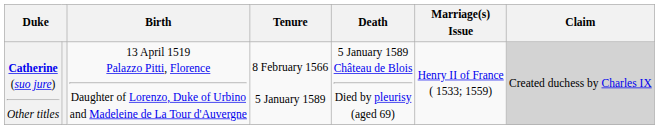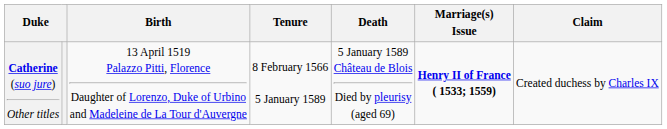 <table class="wikitable" style="line-height:1.4em; text-align:center">
 <tr>
 <th colspan=2>Duke</th>
 <th>Birth</th>
 <th>Tenure</th>
 <th>Death</th>
 <th>Marriage(s)<br>Issue</th>
 <th>Claim</th>
 </tr>
 <tr>
 <th style="font-weight:normal"><br><strong><a href='#'>Catherine</a></strong><br>(<em><a href='#'>suo jure</a></em>)<hr><em>Other titles</em><br></th>
 <th style="font-weight:normal"></th>
 <td>13 April 1519<br><a href='#'>Palazzo Pitti</a>, <a href='#'>Florence</a><hr>Daughter of <a href='#'>Lorenzo, Duke of Urbino</a><br>and <a href='#'>Madeleine de La Tour d'Auvergne</a></td>
 <td>8 February 1566<br><br>5 January 1589</td>
 <td>5 January 1589<br><a href='#'>Château de Blois</a><hr>Died by <a href='#'>pleurisy</a><br>(aged 69)</td>
-<td><a href='#'>Henry II of France</a><br>( 1533;  1559)<br></td>
-<td style="background: lightgrey;">Created duchess by <a href='#'>Charles IX</a></td>
+<td><strong><a href='#'>Henry II of France</a><br>( 1533;  1559)<br></strong></td>
+<td>Created duchess by <a href='#'>Charles IX</a></td>
 </tr>
 </table>
